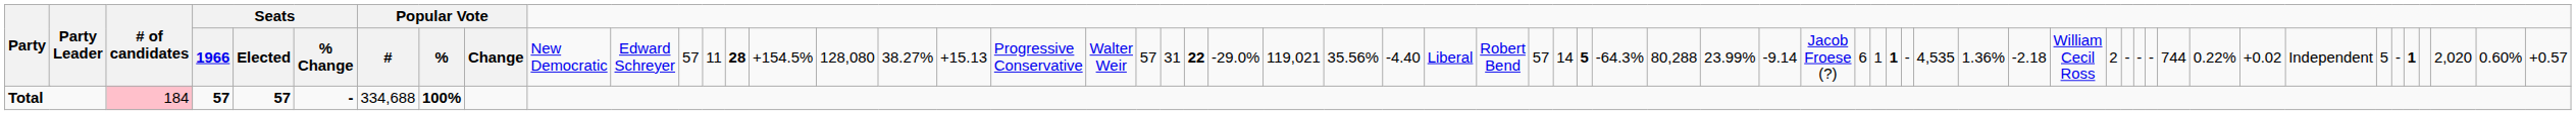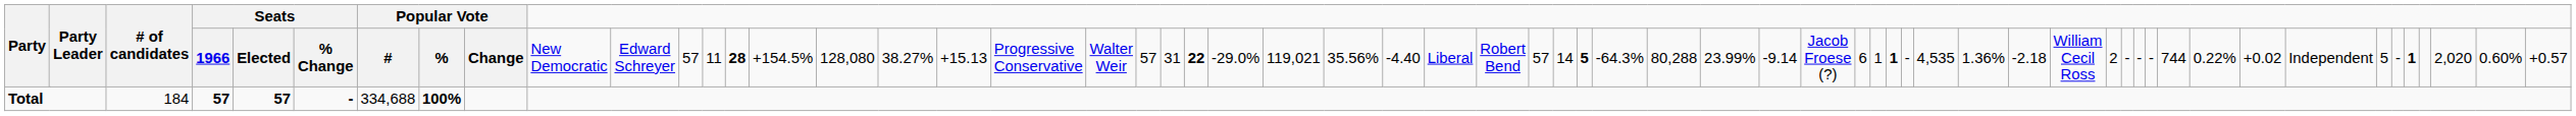 <table class="wikitable">
 <tr>
 <th rowspan=2 colspan=2>Party</th>
 <th rowspan=2>Party Leader</th>
 <th rowspan=2># of<br>candidates</th>
 <th colspan=3>Seats</th>
 <th colspan=3>Popular Vote</th>
 </tr>
 <tr>
 <th><a href='#'>1966</a></th>
 <th>Elected</th>
 <th>% Change</th>
 <th>#</th>
 <th>%</th>
 <th>Change<br></th>
 <td><a href='#'>New Democratic</a></td>
 <td align="center"><a href='#'>Edward Schreyer</a></td>
 <td align="right">57</td>
 <td align="right">11</td>
 <td align="right"><strong>28</strong></td>
 <td align="right">+154.5%</td>
 <td align="right">128,080</td>
 <td align="right">38.27%</td>
 <td align="right">+15.13<br></td>
 <td><a href='#'>Progressive Conservative</a></td>
 <td align="center"><a href='#'>Walter Weir</a></td>
 <td align="right">57</td>
 <td align="right">31</td>
 <td align="right"><strong>22</strong></td>
 <td align="right">-29.0%</td>
 <td align="right">119,021</td>
 <td align="right">35.56%</td>
 <td align="right">-4.40<br></td>
 <td><a href='#'>Liberal</a></td>
 <td align="center"><a href='#'>Robert Bend</a></td>
 <td align="right">57</td>
 <td align="right">14</td>
 <td align="right"><strong>5</strong></td>
 <td align="right">-64.3%</td>
 <td align="right">80,288</td>
 <td align="right">23.99%</td>
 <td align="right">-9.14<br></td>
 <td align="center"><a href='#'>Jacob Froese</a> (?)</td>
 <td align="right">6</td>
 <td align="right">1</td>
 <td align="right"><strong>1</strong></td>
 <td align="right">-</td>
 <td align="right">4,535</td>
 <td align="right">1.36%</td>
 <td align="right">-2.18<br></td>
 <td align="center"><a href='#'>William Cecil Ross</a></td>
 <td align="right">2</td>
 <td align="right">-</td>
 <td align="right">-</td>
 <td align="right">-</td>
 <td align="right">744</td>
 <td align="right">0.22%</td>
 <td align="right">+0.02<br></td>
 <td colspan=2>Independent</td>
 <td align="right">5</td>
 <td align="right">-</td>
 <td align="right"><strong>1</strong></td>
 <td align="right"> </td>
 <td align="right">2,020</td>
 <td align="right">0.60%</td>
 <td align="right">+0.57</td>
 </tr>
 <tr>
 <td colspan=3><strong>Total</strong></td>
-<td align="right" style="background: pink;">184</td>
+<td align="right">184</td>
 <td align="right"><strong>57</strong></td>
 <td align="right"><strong>57</strong></td>
 <td align="right"><strong>-</strong></td>
 <td align="right">334,688</td>
 <td align="right"><strong>100%</strong></td>
 <td align="right"> </td>
 </tr>
 </table>
